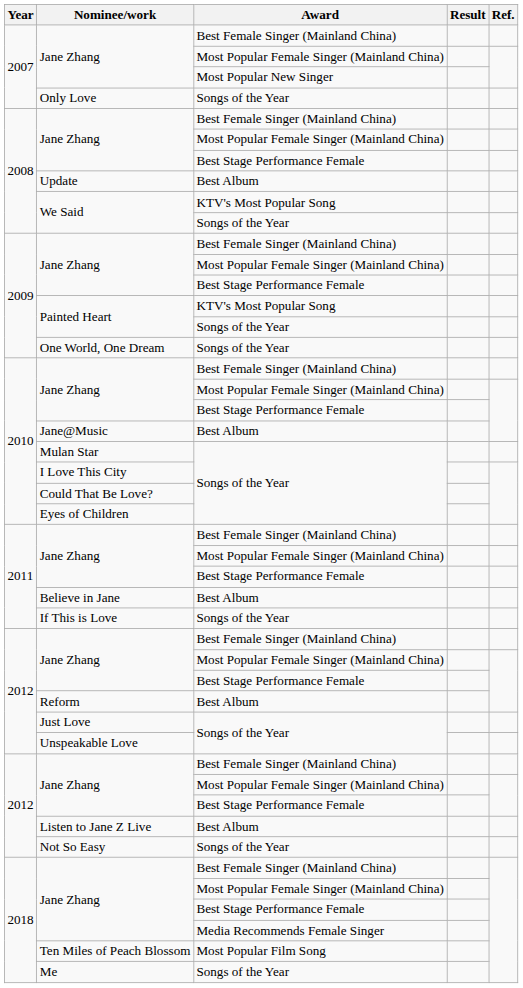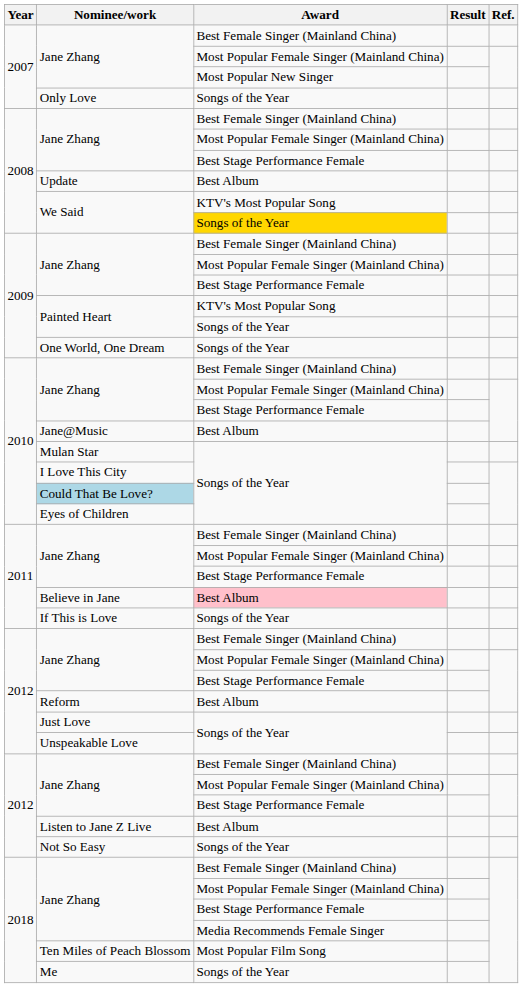 <table class="wikitable">
 <tr>
 <th>Year</th>
 <th>Nominee/work</th>
 <th>Award</th>
 <th><strong>Result</strong></th>
 <th>Ref.</th>
 </tr>
 <tr>
 <td rowspan="4">2007</td>
 <td rowspan="3">Jane Zhang</td>
 <td>Best Female Singer (Mainland China)</td>
 <td></td>
 <td></td>
 </tr>
 <tr>
 <td>Most Popular Female Singer (Mainland China)</td>
 <td></td>
 <td rowspan="2"></td>
 </tr>
 <tr>
 <td>Most Popular New Singer</td>
 <td></td>
 </tr>
 <tr>
 <td>Only Love</td>
 <td>Songs of the Year</td>
 <td></td>
 <td></td>
 </tr>
 <tr>
 <td rowspan="6">2008</td>
 <td rowspan="3">Jane Zhang</td>
 <td>Best Female Singer (Mainland China)</td>
 <td></td>
 <td></td>
 </tr>
 <tr>
 <td>Most Popular Female Singer (Mainland China)</td>
 <td></td>
 <td></td>
 </tr>
 <tr>
 <td>Best Stage Performance Female</td>
 <td></td>
 <td></td>
 </tr>
 <tr>
 <td>Update</td>
 <td>Best Album</td>
 <td></td>
 <td></td>
 </tr>
 <tr>
 <td rowspan="2">We Said</td>
 <td>KTV's Most Popular Song</td>
 <td></td>
 <td></td>
 </tr>
 <tr>
-<td>Songs of the Year</td>
+<td style="background: gold;">Songs of the Year</td>
 <td></td>
 <td></td>
 </tr>
 <tr>
 <td rowspan="6">2009</td>
 <td rowspan="3">Jane Zhang</td>
 <td>Best Female Singer (Mainland China)</td>
 <td></td>
 <td></td>
 </tr>
 <tr>
 <td>Most Popular Female Singer (Mainland China)</td>
 <td></td>
 <td></td>
 </tr>
 <tr>
 <td>Best Stage Performance Female</td>
 <td></td>
 <td></td>
 </tr>
 <tr>
 <td rowspan="2">Painted Heart</td>
 <td>KTV's Most Popular Song</td>
 <td></td>
 <td></td>
 </tr>
 <tr>
 <td>Songs of the Year</td>
 <td></td>
 <td></td>
 </tr>
 <tr>
 <td>One World, One Dream</td>
 <td>Songs of the Year</td>
 <td></td>
 <td></td>
 </tr>
 <tr>
 <td rowspan="8">2010</td>
 <td rowspan="3">Jane Zhang</td>
 <td>Best Female Singer (Mainland China)</td>
 <td></td>
 <td></td>
 </tr>
 <tr>
 <td>Most Popular Female Singer (Mainland China)</td>
 <td></td>
 <td rowspan="3"></td>
 </tr>
 <tr>
 <td>Best Stage Performance Female</td>
 <td></td>
 </tr>
 <tr>
 <td>Jane@Music</td>
 <td>Best Album</td>
 <td></td>
 </tr>
 <tr>
 <td>Mulan Star</td>
 <td rowspan="4">Songs of the Year</td>
 <td></td>
 <td></td>
 </tr>
 <tr>
 <td>I Love This City</td>
 <td></td>
 <td rowspan="3"></td>
 </tr>
 <tr>
-<td>Could That Be Love?</td>
+<td style="background: lightblue;">Could That Be Love?</td>
 <td></td>
 </tr>
 <tr>
 <td>Eyes of Children</td>
 <td></td>
 </tr>
 <tr>
 <td rowspan="5">2011</td>
 <td rowspan="3">Jane Zhang</td>
 <td>Best Female Singer (Mainland China)</td>
 <td></td>
 <td></td>
 </tr>
 <tr>
 <td>Most Popular Female Singer (Mainland China)</td>
 <td></td>
 <td></td>
 </tr>
 <tr>
 <td>Best Stage Performance Female</td>
 <td></td>
 <td></td>
 </tr>
 <tr>
 <td>Believe in Jane</td>
-<td>Best Album</td>
+<td style="background: pink;">Best Album</td>
 <td></td>
 <td></td>
 </tr>
 <tr>
 <td>If This is Love</td>
 <td>Songs of the Year</td>
 <td></td>
 <td></td>
 </tr>
 <tr>
 <td rowspan="6">2012</td>
 <td rowspan="3">Jane Zhang</td>
 <td>Best Female Singer (Mainland China)</td>
 <td></td>
 <td></td>
 </tr>
 <tr>
 <td>Most Popular Female Singer (Mainland China)</td>
 <td></td>
 <td rowspan="3"></td>
 </tr>
 <tr>
 <td>Best Stage Performance Female</td>
 <td></td>
 </tr>
 <tr>
 <td>Reform</td>
 <td>Best Album</td>
 <td></td>
 </tr>
 <tr>
 <td>Just Love</td>
 <td rowspan="2">Songs of the Year</td>
 <td></td>
 <td></td>
 </tr>
 <tr>
 <td>Unspeakable Love</td>
 <td></td>
 <td></td>
 </tr>
 <tr>
 <td rowspan="5">2012</td>
 <td rowspan="3">Jane Zhang</td>
 <td>Best Female Singer (Mainland China)</td>
 <td></td>
 <td></td>
 </tr>
 <tr>
 <td>Most Popular Female Singer (Mainland China)</td>
 <td></td>
 <td rowspan="2"></td>
 </tr>
 <tr>
 <td>Best Stage Performance Female</td>
 <td></td>
 </tr>
 <tr>
 <td>Listen to Jane Z Live</td>
 <td>Best Album</td>
 <td></td>
 <td></td>
 </tr>
 <tr>
 <td>Not So Easy</td>
 <td>Songs of the Year</td>
 <td></td>
 <td></td>
 </tr>
 <tr>
 <td rowspan="6">2018</td>
 <td rowspan="4">Jane Zhang</td>
 <td>Best Female Singer (Mainland China)</td>
 <td></td>
 <td rowspan="6"></td>
 </tr>
 <tr>
 <td>Most Popular Female Singer (Mainland China)</td>
 <td></td>
 </tr>
 <tr>
 <td>Best Stage Performance Female</td>
 <td></td>
 </tr>
 <tr>
 <td>Media Recommends Female Singer</td>
 <td></td>
 </tr>
 <tr>
 <td>Ten Miles of Peach Blossom</td>
 <td>Most Popular Film Song</td>
 <td></td>
 </tr>
 <tr>
 <td>Me</td>
 <td>Songs of the Year</td>
 <td></td>
 </tr>
 </table>
